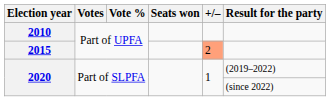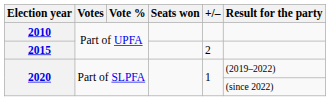 <table class="sortable wikitable">
 <tr>
 <th>Election year</th>
 <th>Votes</th>
 <th>Vote %</th>
 <th>Seats won</th>
 <th>+/–</th>
 <th>Result for the party</th>
 </tr>
 <tr>
 <th><a href='#'>2010</a></th>
 <td rowspan ="2" colspan=2 align=center>Part of <a href='#'>UPFA</a></td>
 <td></td>
 <td></td>
 <td></td>
 </tr>
 <tr>
 <th><a href='#'>2015</a></th>
 <td></td>
-<td style="background: lightsalmon;"> 2</td>
+<td> 2</td>
 <td></td>
 </tr>
 <tr>
 <th rowspan=2><a href='#'>2020</a></th>
 <td rowspan=2 colspan=2 align=center>Part of <a href='#'>SLPFA</a></td>
 <td rowspan=2></td>
 <td rowspan=2> 1</td>
 <td> <small>(2019–2022)</small></td>
 </tr>
 <tr>
 <td> <small>(since 2022)</small></td>
 </tr>
 </table>
